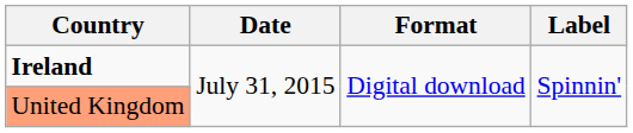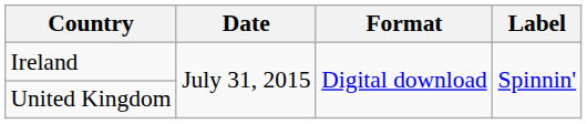 <table class="wikitable plainrowheaders">
 <tr>
 <th scope="col">Country</th>
 <th scope="col">Date</th>
 <th scope="col">Format</th>
 <th scope="col">Label</th>
 </tr>
 <tr>
-<td><strong>Ireland</strong></td>
+<td>Ireland</td>
 <td rowspan="2">July 31, 2015</td>
 <td rowspan="2"><a href='#'>Digital download</a></td>
 <td rowspan="2"><a href='#'>Spinnin'</a></td>
 </tr>
 <tr>
-<td style="background: lightsalmon;">United Kingdom</td>
+<td>United Kingdom</td>
 </tr>
 </table>
